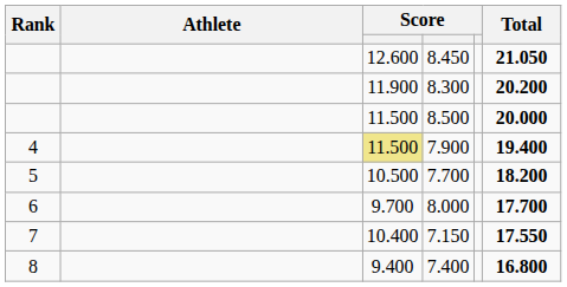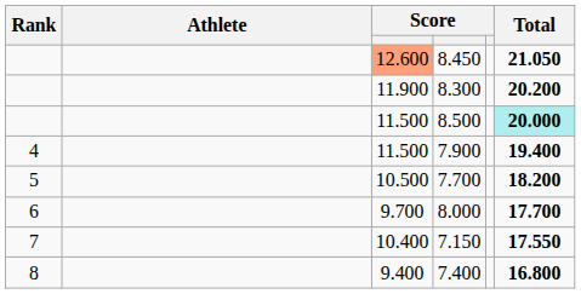 <table class=wikitable style="text-align:center">
 <tr>
 <th width="40" rowspan="2">Rank</th>
 <th width="250" rowspan="2">Athlete</th>
 <th width="60" colspan="3">Score</th>
 <th width="60" rowspan="2">Total</th>
 </tr>
 <tr>
 <th></th>
 <th></th>
 <th></th>
 </tr>
 <tr>
 <td></td>
 <td align="left"></td>
-<td>12.600</td>
+<td style="background: lightsalmon;">12.600</td>
 <td>8.450</td>
 <td></td>
 <td><strong>21.050</strong></td>
 </tr>
 <tr>
 <td></td>
 <td align="left"></td>
 <td>11.900</td>
 <td>8.300</td>
 <td></td>
 <td><strong>20.200</strong></td>
 </tr>
 <tr>
 <td></td>
 <td align="left"></td>
 <td>11.500</td>
 <td>8.500</td>
 <td></td>
-<td><strong>20.000</strong></td>
+<td style="background: paleturquoise;"><strong>20.000</strong></td>
 </tr>
 <tr>
 <td>4</td>
 <td align="left"></td>
-<td style="background: khaki;">11.500</td>
+<td>11.500</td>
 <td>7.900</td>
 <td></td>
 <td><strong>19.400</strong></td>
 </tr>
 <tr>
 <td>5</td>
 <td align="left"></td>
 <td>10.500</td>
 <td>7.700</td>
 <td></td>
 <td><strong>18.200</strong></td>
 </tr>
 <tr>
 <td>6</td>
 <td align="left"></td>
 <td>9.700</td>
 <td>8.000</td>
 <td></td>
 <td><strong>17.700</strong></td>
 </tr>
 <tr>
 <td>7</td>
 <td align="left"></td>
 <td>10.400</td>
 <td>7.150</td>
 <td></td>
 <td><strong>17.550</strong></td>
 </tr>
 <tr>
 <td>8</td>
 <td align="left"></td>
 <td>9.400</td>
 <td>7.400</td>
 <td></td>
 <td><strong>16.800</strong></td>
 </tr>
 </table>
